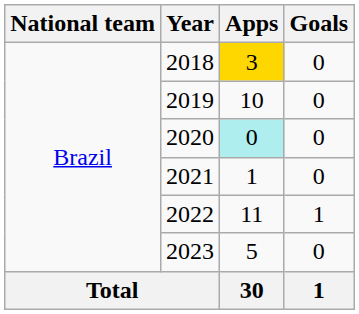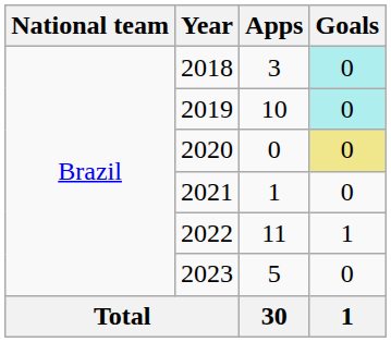 <table class="wikitable" style="text-align:center">
 <tr>
 <th>National team</th>
 <th>Year</th>
 <th>Apps</th>
 <th>Goals</th>
 </tr>
 <tr>
 <td rowspan="6"><a href='#'>Brazil</a></td>
 <td>2018</td>
-<td style="background: gold;">3</td>
-<td>0</td>
+<td>3</td>
+<td style="background: paleturquoise;">0</td>
 </tr>
 <tr>
 <td>2019</td>
 <td>10</td>
-<td>0</td>
+<td style="background: paleturquoise;">0</td>
 </tr>
 <tr>
 <td>2020</td>
-<td style="background: paleturquoise;">0</td>
 <td>0</td>
+<td style="background: khaki;">0</td>
 </tr>
 <tr>
 <td>2021</td>
 <td>1</td>
 <td>0</td>
 </tr>
 <tr>
 <td>2022</td>
 <td>11</td>
 <td>1</td>
 </tr>
 <tr>
 <td>2023</td>
 <td>5</td>
 <td>0</td>
 </tr>
 <tr>
 <th colspan="2">Total</th>
 <th>30</th>
 <th>1</th>
 </tr>
 </table>
